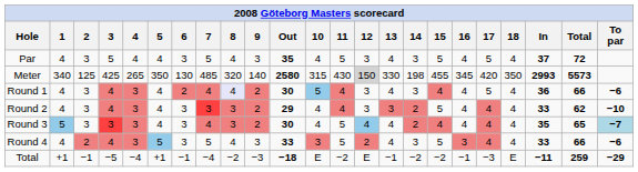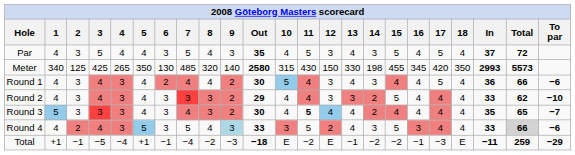 <table class="wikitable collapsible collapsed plainrowheaders" style="font-size: 85%; text-align:center">
 <tr>
 <th colspan=23 style="background:#cedaf2;">2008 <a href='#'>Göteborg Masters</a> scorecard</th>
 </tr>
 <tr>
 <th>Hole</th>
 <th style="width:25px">1</th>
 <th style="width:25px">2</th>
 <th style="width:25px">3</th>
 <th style="width:25px">4</th>
 <th style="width:25px">5</th>
 <th style="width:25px">6</th>
 <th style="width:25px">7</th>
 <th style="width:25px">8</th>
 <th style="width:25px">9</th>
 <th style="width:40px">Out</th>
 <th style="width:25px">10</th>
 <th style="width:25px">11</th>
 <th style="width:25px">12</th>
 <th style="width:25px">13</th>
 <th style="width:25px">14</th>
 <th style="width:25px">15</th>
 <th style="width:25px">16</th>
 <th style="width:25px">17</th>
 <th style="width:25px">18</th>
 <th style="width:40px">In</th>
 <th style="width:40px">Total</th>
 <th style="width:40px">To par</th>
 </tr>
 <tr>
 <td>Par</td>
 <td>4</td>
 <td>3</td>
 <td>5</td>
 <td>4</td>
 <td>4</td>
 <td>3</td>
 <td>5</td>
 <td>4</td>
 <td>3</td>
 <td><strong>35</strong></td>
 <td>4</td>
 <td>5</td>
 <td>3</td>
 <td>4</td>
 <td>3</td>
 <td>5</td>
 <td>4</td>
 <td>5</td>
 <td>4</td>
 <td><strong>37</strong></td>
 <td><strong>72</strong></td>
 <td></td>
 </tr>
 <tr>
 <td>Meter</td>
 <td>340</td>
 <td>125</td>
 <td>425</td>
 <td>265</td>
 <td>350</td>
 <td>130</td>
 <td>485</td>
 <td>320</td>
 <td>140</td>
 <td><strong>2580</strong></td>
 <td>315</td>
 <td>430</td>
-<td style="background: lightgrey;">150</td>
+<td>150</td>
 <td>330</td>
 <td>198</td>
 <td>455</td>
 <td>345</td>
 <td>420</td>
 <td>350</td>
 <td><strong>2993</strong></td>
 <td><strong>5573</strong></td>
 <td></td>
 </tr>
 <tr>
 <td>Round 1</td>
 <td>4</td>
 <td>3</td>
 <td style="background:#f08080;">4</td>
 <td style="background:#f08080;">3</td>
 <td>4</td>
 <td style="background:#f08080;">2</td>
 <td style="background:#f08080;">4</td>
-<td style="background: lavender;">4</td>
+<td>4</td>
 <td style="background:#f08080;">2</td>
 <td><strong>30</strong></td>
 <td style="background:#93ccea;">5</td>
 <td style="background:#f08080;">4</td>
 <td>3</td>
 <td>4</td>
 <td>3</td>
 <td style="background:#f08080;">4</td>
 <td>4</td>
 <td>5</td>
 <td>4</td>
 <td><strong>36</strong></td>
 <td><strong>66</strong></td>
 <td><strong>−6</strong></td>
 </tr>
 <tr>
 <td>Round 2</td>
 <td>4</td>
 <td>3</td>
 <td style="background:#f08080;">4</td>
 <td style="background:#f08080;">3</td>
 <td>4</td>
 <td>3</td>
 <td style="background:#ff4040;">3</td>
 <td style="background:#f08080;">3</td>
 <td style="background:#f08080;">2</td>
 <td><strong>29</strong></td>
 <td>4</td>
 <td style="background:#f08080;">4</td>
 <td>3</td>
 <td style="background:#f08080;">3</td>
 <td style="background:#f08080;">2</td>
 <td>5</td>
 <td>4</td>
 <td style="background:#f08080;">4</td>
 <td>4</td>
 <td><strong>33</strong></td>
 <td><strong>62</strong></td>
 <td><strong>−10</strong></td>
 </tr>
 <tr>
 <td>Round 3</td>
 <td style="background:#93ccea;">5</td>
 <td>3</td>
 <td style="background:#ff4040;">3</td>
 <td style="background:#f08080;">3</td>
 <td>4</td>
 <td>3</td>
 <td style="background:#f08080;">4</td>
 <td style="background:#f08080;">3</td>
 <td style="background:#f08080;">2</td>
 <td><strong>30</strong></td>
 <td>4</td>
-<td>5</td>
+<td><strong>5</strong></td>
 <td style="background:#93ccea;">4</td>
 <td>4</td>
 <td style="background:#f08080;">2</td>
 <td style="background:#f08080;">4</td>
 <td>4</td>
 <td style="background:#f08080;">4</td>
 <td>4</td>
 <td><strong>35</strong></td>
 <td><strong>65</strong></td>
-<td style="background: lightblue;"><strong>−7</strong></td>
+<td><strong>−7</strong></td>
 </tr>
 <tr>
 <td>Round 4</td>
 <td>4</td>
 <td style="background:#f08080;">2</td>
 <td style="background:#f08080;">4</td>
 <td style="background:#f08080;">3</td>
 <td style="background:#93ccea;">5</td>
 <td>3</td>
 <td>5</td>
 <td>4</td>
-<td>3</td>
+<td style="background: lightblue;">3</td>
 <td><strong>33</strong></td>
 <td style="background:#f08080;">3</td>
 <td>5</td>
 <td style="background:#f08080;">2</td>
 <td>4</td>
 <td>3</td>
 <td>5</td>
 <td style="background:#f08080;">3</td>
 <td style="background:#f08080;">4</td>
 <td>4</td>
 <td><strong>33</strong></td>
-<td><strong>66</strong></td>
+<td style="background: lightgrey;"><strong>66</strong></td>
 <td><strong>−6</strong></td>
 </tr>
 <tr>
 <td>Total</td>
 <td>+1</td>
 <td>−1</td>
 <td>−5</td>
 <td>−4</td>
 <td>+1</td>
 <td>−1</td>
 <td>−4</td>
 <td>−2</td>
 <td>−3</td>
 <td><strong>−18</strong></td>
 <td>E</td>
 <td>−2</td>
 <td>E</td>
 <td>−1</td>
 <td>−2</td>
 <td>−2</td>
 <td>−1</td>
 <td>−3</td>
 <td>E</td>
 <td><strong>−11</strong></td>
 <td><strong>259</strong></td>
 <td><strong>−29</strong></td>
 </tr>
 </table>
